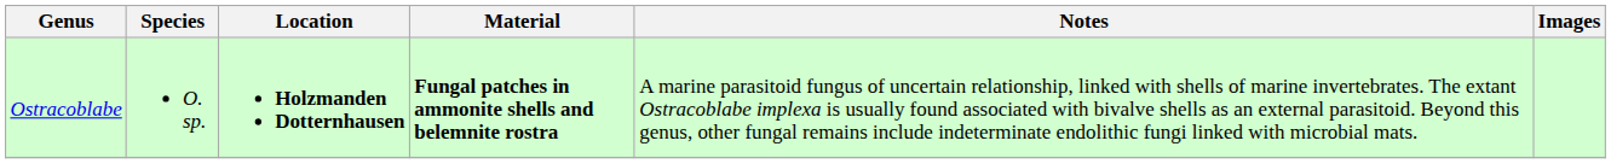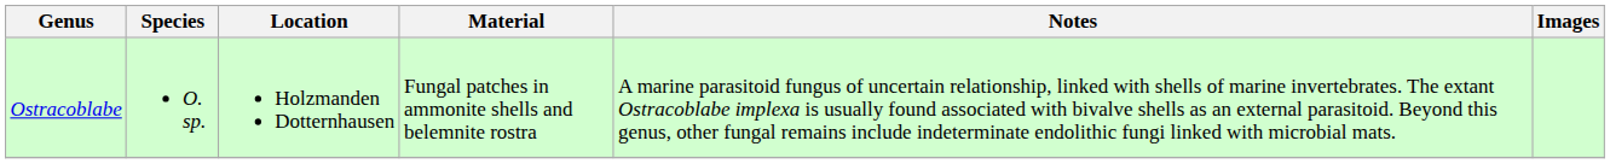 <table class="wikitable sortable">
 <tr>
 <th>Genus</th>
 <th>Species</th>
 <th>Location</th>
 <th>Material</th>
 <th>Notes</th>
 <th>Images</th>
 </tr>
 <tr>
 <td style="background:#D1FFCF;"><br><em><a href='#'>Ostracoblabe</a></em></td>
 <td style="background:#D1FFCF;"><br><ul><li><em>O. sp.</em></li></ul></td>
-<td style="background:#D1FFCF;"><strong><br><ul><li>Holzmanden</li><li>Dotternhausen</li></ul></strong></td>
-<td style="background:#D1FFCF;"><strong><br>Fungal patches in ammonite shells and belemnite rostra</strong></td>
+<td style="background:#D1FFCF;"><br><ul><li>Holzmanden</li><li>Dotternhausen</li></ul></td>
+<td style="background:#D1FFCF;"><br>Fungal patches in ammonite shells and belemnite rostra</td>
 <td style="background:#D1FFCF;"><br>A marine parasitoid fungus of uncertain relationship, linked with shells of marine invertebrates. The extant <em>Ostracoblabe implexa</em> is usually found associated with bivalve shells as an external parasitoid. Beyond this genus, other fungal remains include indeterminate endolithic fungi linked with microbial mats.</td>
 <td style="background:#D1FFCF;"></td>
 </tr>
 <tr>
 </tr>
 </table>
